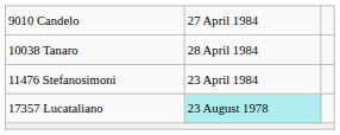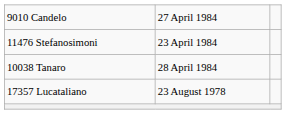 <table class="wikitable" style="font-size: 89%; float: left; width: 26em; margin-right: 1em; height: 140px;">
 <tr>
 <td>9010 Candelo</td>
 <td>27 April 1984</td>
+<td></td>
+</tr>
+<tr>
+<td>11476 Stefanosimoni</td>
+<td>23 April 1984</td>
 <td></td>
 </tr>
 <tr>
 <td>10038 Tanaro</td>
 <td>28 April 1984</td>
 <td></td>
 </tr>
 <tr>
-<td>11476 Stefanosimoni</td>
-<td>23 April 1984</td>
-<td></td>
-</tr>
-<tr>
 <td>17357 Lucataliano</td>
-<td style="background: paleturquoise;">23 August 1978</td>
+<td>23 August 1978</td>
 <td> </td>
 </tr>
 <tr>
 <th colspan=3 style="font-weight: normal; text-align: left; padding: 2px 6px;"></th>
 </tr>
 </table>
